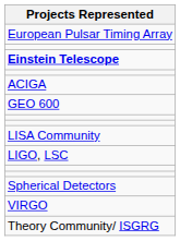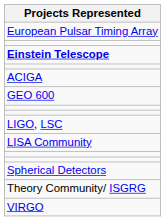 <table class="wikitable">
 <tr>
 <th>Projects Represented</th>
 </tr>
 <tr>
 <td><a href='#'>European Pulsar Timing Array</a></td>
 </tr>
 <tr>
 <td> </td>
 </tr>
 <tr>
 <td><strong><a href='#'>Einstein Telescope</a></strong></td>
 </tr>
 <tr>
 <td> </td>
 </tr>
 <tr>
 <td><a href='#'>ACIGA</a></td>
 </tr>
 <tr>
 <td><a href='#'>GEO 600</a></td>
 </tr>
 <tr>
 <td></td>
 </tr>
 <tr>
 <td></td>
 </tr>
 <tr>
-<td><a href='#'>LISA Community</a></td>
+<td><a href='#'>LIGO</a>,    <a href='#'>LSC</a></td>
 </tr>
 <tr>
-<td><a href='#'>LIGO</a>,    <a href='#'>LSC</a></td>
+<td><a href='#'>LISA Community</a></td>
 </tr>
 <tr>
 <td></td>
 </tr>
 <tr>
 <td></td>
 </tr>
 <tr>
 <td><a href='#'>Spherical Detectors</a></td>
 </tr>
 <tr>
+<td>Theory Community/ <a href='#'>ISGRG</a></td>
+</tr>
+<tr>
 <td><a href='#'>VIRGO</a></td>
 </tr>
-<tr>
-<td>Theory Community/ <a href='#'>ISGRG</a></td>
-</tr>
 </table>
